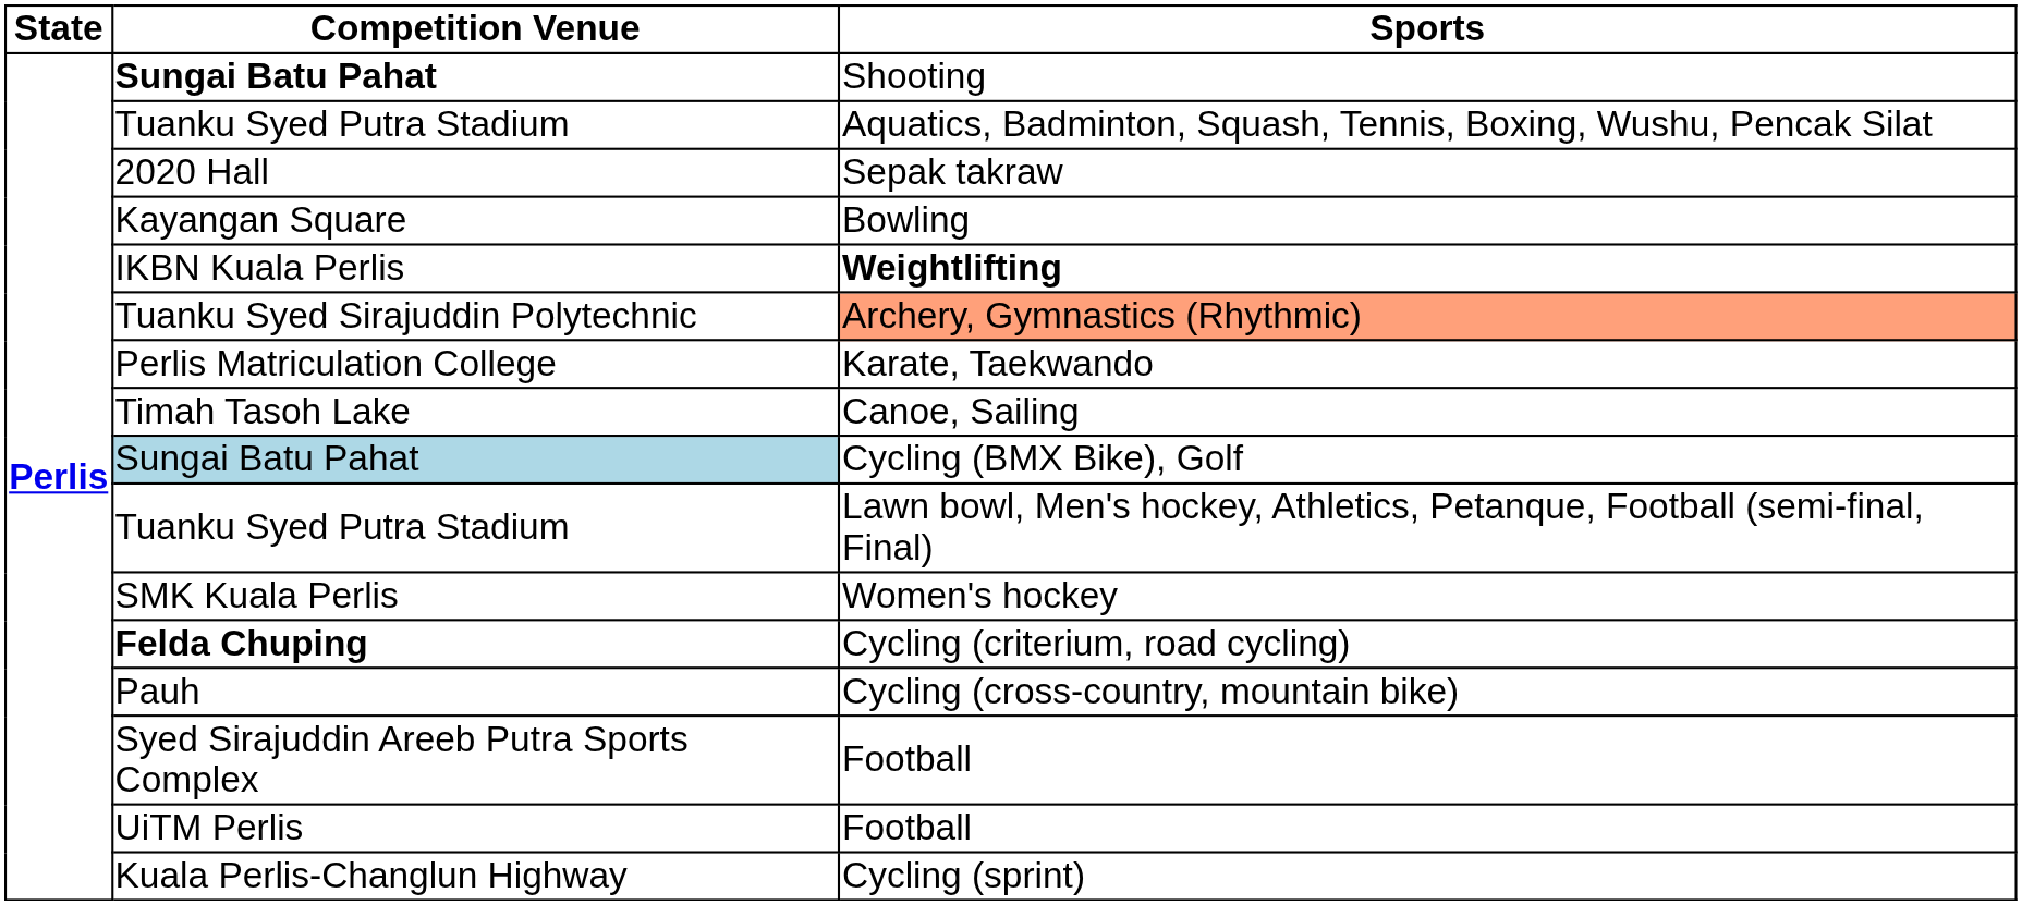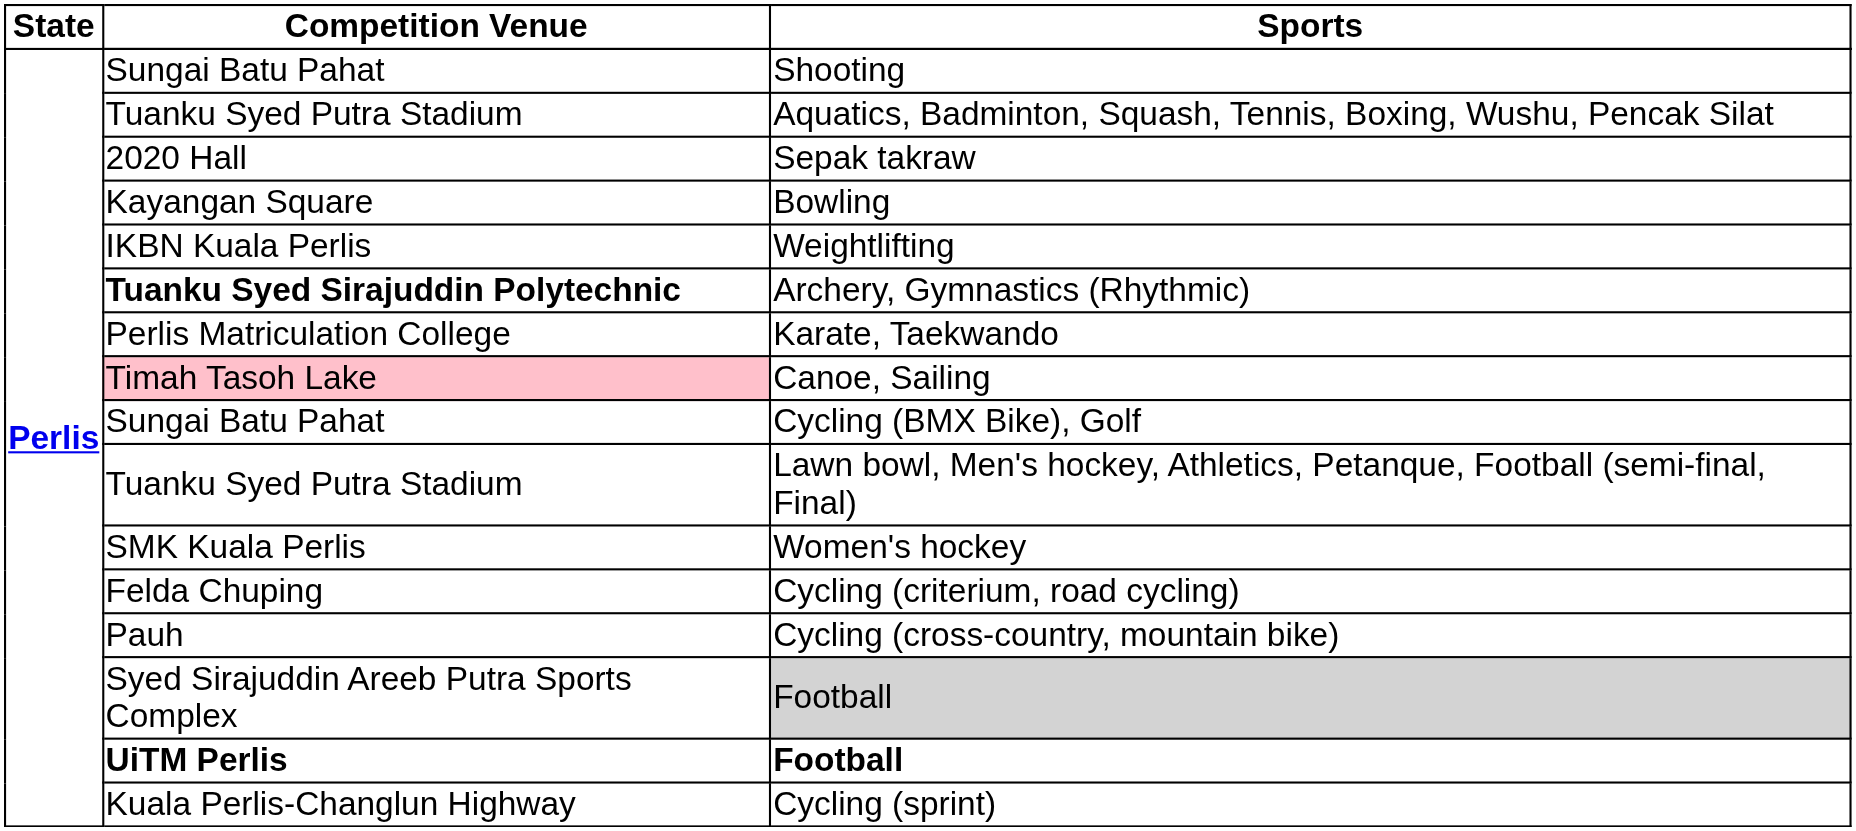 <table border=1 style="border-collapse:collapse; text-align:left; font-size:100%; border:2px black;">
 <tr style="text-align:center; color:black; font-weight:bold; background:white;">
 <td>State</td>
 <td>Competition Venue</td>
 <td>Sports</td>
 </tr>
 <tr>
 <th rowspan=17><a href='#'>Perlis</a></th>
 </tr>
 <tr>
-<td><strong>Sungai Batu Pahat</strong></td>
+<td>Sungai Batu Pahat</td>
 <td>Shooting</td>
 </tr>
 <tr>
 <td>Tuanku Syed Putra Stadium</td>
 <td>Aquatics, Badminton, Squash, Tennis, Boxing, Wushu, Pencak Silat</td>
 </tr>
 <tr>
 <td>2020 Hall</td>
 <td>Sepak takraw</td>
 </tr>
 <tr>
 <td>Kayangan Square</td>
 <td>Bowling</td>
 </tr>
 <tr>
 <td>IKBN Kuala Perlis</td>
-<td><strong>Weightlifting</strong></td>
+<td>Weightlifting</td>
 </tr>
 <tr>
-<td>Tuanku Syed Sirajuddin Polytechnic</td>
-<td style="background: lightsalmon;">Archery, Gymnastics (Rhythmic)</td>
+<td><strong>Tuanku Syed Sirajuddin Polytechnic</strong></td>
+<td>Archery, Gymnastics (Rhythmic)</td>
 </tr>
 <tr>
 <td>Perlis Matriculation College</td>
 <td>Karate, Taekwando</td>
 </tr>
 <tr>
-<td>Timah Tasoh Lake</td>
+<td style="background: pink;">Timah Tasoh Lake</td>
 <td>Canoe, Sailing</td>
 </tr>
 <tr>
-<td style="background: lightblue;">Sungai Batu Pahat</td>
+<td>Sungai Batu Pahat</td>
 <td>Cycling (BMX Bike), Golf</td>
 </tr>
 <tr>
 <td>Tuanku Syed Putra Stadium</td>
 <td>Lawn bowl, Men's hockey, Athletics, Petanque, Football (semi-final, Final)</td>
 </tr>
 <tr>
 <td>SMK Kuala Perlis</td>
 <td>Women's hockey</td>
 </tr>
 <tr>
-<td><strong>Felda Chuping</strong></td>
+<td>Felda Chuping</td>
 <td>Cycling (criterium, road cycling)</td>
 </tr>
 <tr>
 <td>Pauh</td>
 <td>Cycling (cross-country, mountain bike)</td>
 </tr>
 <tr>
 <td>Syed Sirajuddin Areeb Putra Sports Complex</td>
-<td>Football</td>
+<td style="background: lightgrey;">Football</td>
 </tr>
 <tr>
-<td>UiTM Perlis</td>
-<td>Football</td>
+<td><strong>UiTM Perlis</strong></td>
+<td><strong>Football</strong></td>
 </tr>
 <tr>
 <td>Kuala Perlis-Changlun Highway</td>
 <td>Cycling (sprint)</td>
 </tr>
 </table>
